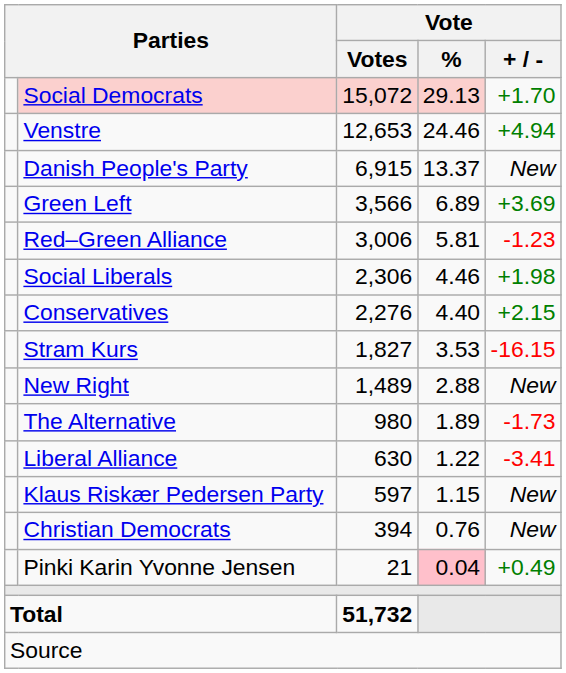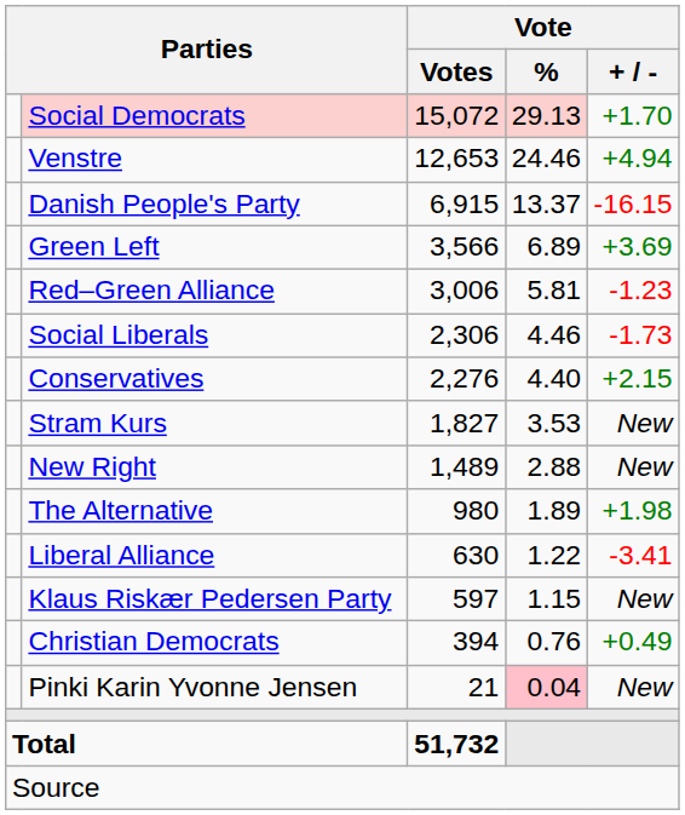 <table class="wikitable" style="text-align:right;">
 <tr>
 <th style="text-align:centre;" rowspan="2" colspan="2" width="225">Parties</th>
 <th colspan="3">Vote</th>
 </tr>
 <tr>
 <th width="15">Votes</th>
 <th width="15">%</th>
 <th width="15">+ / -</th>
 </tr>
 <tr>
 <td width="2" style="color:inherit;background:"></td>
 <td bgcolor=#fbd0ce  align="left"><a href='#'>Social Democrats</a></td>
 <td bgcolor=#fbd0ce>15,072</td>
 <td bgcolor=#fbd0ce>29.13</td>
 <td style=color:green;>+1.70</td>
 </tr>
 <tr>
 <td width="2" style="color:inherit;background:"></td>
 <td align="left"><a href='#'>Venstre</a></td>
 <td>12,653</td>
 <td>24.46</td>
 <td style=color:green;>+4.94</td>
 </tr>
 <tr>
 <td width="2" style="color:inherit;background:"></td>
 <td align="left"><a href='#'>Danish People's Party</a></td>
 <td>6,915</td>
 <td>13.37</td>
-<td><em>New</em></td>
+<td style=color:red;>-16.15</td>
 </tr>
 <tr>
 <td width="2" style="color:inherit;background:"></td>
 <td align="left"><a href='#'>Green Left</a></td>
 <td>3,566</td>
 <td>6.89</td>
 <td style=color:green;>+3.69</td>
 </tr>
 <tr>
 <td width="2" style="color:inherit;background:"></td>
 <td align="left"><a href='#'>Red–Green Alliance</a></td>
 <td>3,006</td>
 <td>5.81</td>
 <td style=color:red;>-1.23</td>
 </tr>
 <tr>
 <td width="2" style="color:inherit;background:"></td>
 <td align="left"><a href='#'>Social Liberals</a></td>
 <td>2,306</td>
 <td>4.46</td>
-<td style=color:green;>+1.98</td>
+<td style=color:red;>-1.73</td>
 </tr>
 <tr>
 <td width="2" style="color:inherit;background:"></td>
 <td align="left"><a href='#'>Conservatives</a></td>
 <td>2,276</td>
 <td>4.40</td>
 <td style=color:green;>+2.15</td>
 </tr>
 <tr>
 <td width="2" style="color:inherit;background:"></td>
 <td align="left"><a href='#'>Stram Kurs</a></td>
 <td>1,827</td>
 <td>3.53</td>
-<td style=color:red;>-16.15</td>
+<td><em>New</em></td>
 </tr>
 <tr>
 <td width="2" style="color:inherit;background:"></td>
 <td align="left"><a href='#'>New Right</a></td>
 <td>1,489</td>
 <td>2.88</td>
 <td><em>New</em></td>
 </tr>
 <tr>
 <td width="2" style="color:inherit;background:"></td>
 <td align="left"><a href='#'>The Alternative</a></td>
 <td>980</td>
 <td>1.89</td>
-<td style=color:red;>-1.73</td>
+<td style=color:green;>+1.98</td>
 </tr>
 <tr>
 <td width="2" style="color:inherit;background:"></td>
 <td align="left"><a href='#'>Liberal Alliance</a></td>
 <td>630</td>
 <td>1.22</td>
 <td style=color:red;>-3.41</td>
 </tr>
 <tr>
 <td width="2" style="color:inherit;background:"></td>
 <td align="left"><a href='#'>Klaus Riskær Pedersen Party</a></td>
 <td>597</td>
 <td>1.15</td>
 <td><em>New</em></td>
 </tr>
 <tr>
 <td width="2" style="color:inherit;background:"></td>
 <td align="left"><a href='#'>Christian Democrats</a></td>
 <td>394</td>
 <td>0.76</td>
-<td><em>New</em></td>
+<td style=color:green;>+0.49</td>
 </tr>
 <tr>
 <td width="2" style="color:inherit;background:"></td>
 <td align="left">Pinki Karin Yvonne Jensen</td>
 <td>21</td>
 <td style="background: pink;">0.04</td>
-<td style=color:green;>+0.49</td>
+<td><em>New</em></td>
 </tr>
 <tr>
 <td colspan="7" bgcolor="#E9E9E9"></td>
 </tr>
 <tr>
 <td align="left" colspan="2"><strong>Total</strong></td>
 <td><strong>51,732</strong></td>
 <td bgcolor="#E9E9E9" colspan="2"></td>
 </tr>
 <tr>
 <td align="left" colspan="6">Source</td>
 </tr>
 </table>
